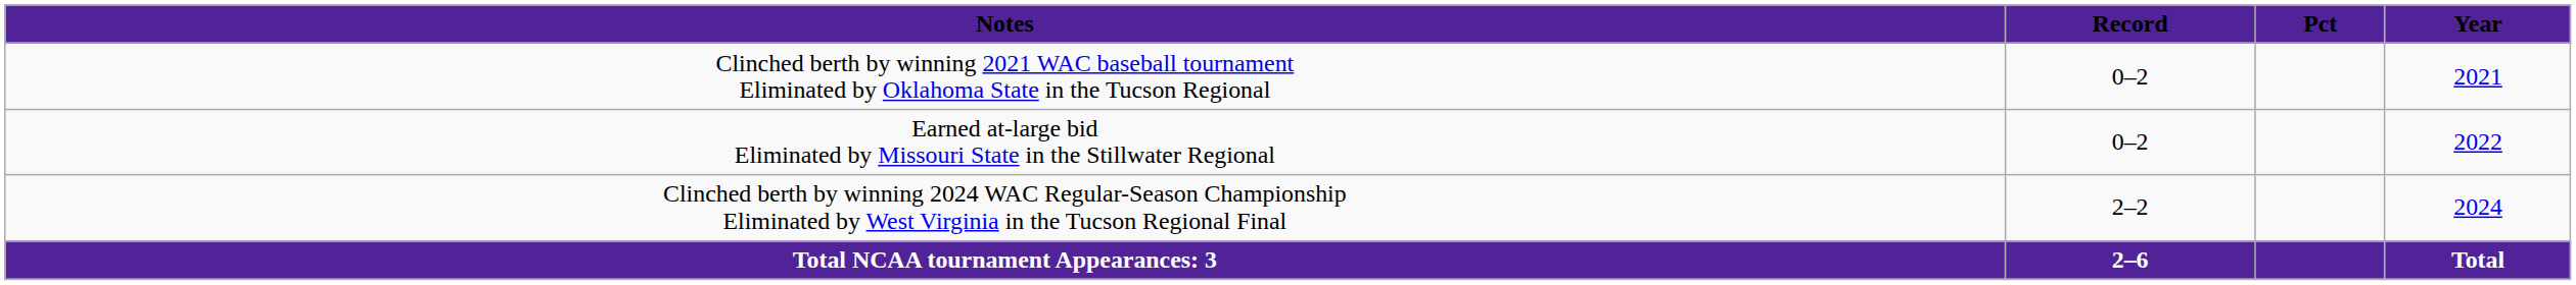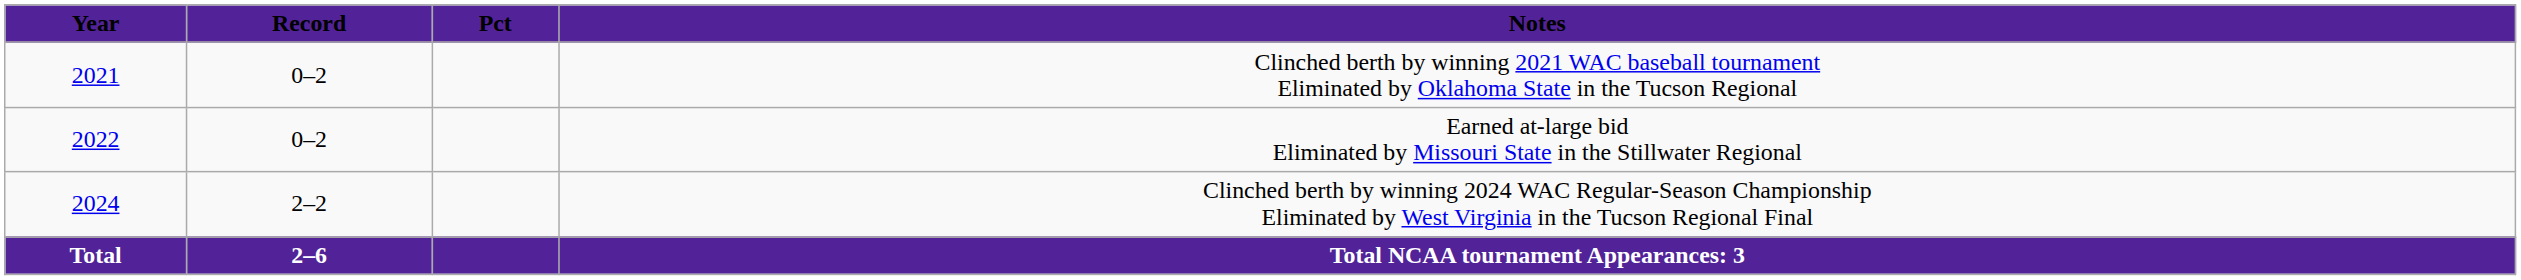 <table border="0" align="center" valign="top" cellpadding="1" width=85% class="wikitable sortable collapsible">
 <tr>
-<th style="background:#522398;" align="center"><span>Notes</span></th>
+<th style="background:#522398;" align="center"><span>Year</span></th>
 <th style="background:#522398;" align="center"><span>Record</span></th>
 <th style="background:#522398;" align="center"><span>Pct</span></th>
-<th style="background:#522398;" align="center"><span>Year</span></th>
+<th style="background:#522398;" align="center"><span>Notes</span></th>
 </tr>
 <tr - style="text-align:center;" |->
-<td>Clinched berth by winning <a href='#'>2021 WAC baseball tournament</a><br>Eliminated by <a href='#'>Oklahoma State</a> in the Tucson Regional</td>
+<td><a href='#'>2021</a></td>
 <td>0–2</td>
 <td></td>
-<td><a href='#'>2021</a></td>
+<td>Clinched berth by winning <a href='#'>2021 WAC baseball tournament</a><br>Eliminated by <a href='#'>Oklahoma State</a> in the Tucson Regional</td>
 </tr>
 <tr - style="text-align:center;" |->
-<td>Earned at-large bid<br>Eliminated by <a href='#'>Missouri State</a> in the Stillwater Regional</td>
+<td><a href='#'>2022</a></td>
 <td>0–2</td>
 <td></td>
-<td><a href='#'>2022</a></td>
+<td>Earned at-large bid<br>Eliminated by <a href='#'>Missouri State</a> in the Stillwater Regional</td>
 </tr>
 <tr - style="text-align:center;" |->
-<td>Clinched berth by winning 2024 WAC Regular-Season Championship<br>Eliminated by <a href='#'>West Virginia</a> in the Tucson Regional Final</td>
+<td><a href='#'>2024</a></td>
 <td>2–2</td>
 <td></td>
-<td><a href='#'>2024</a></td>
+<td>Clinched berth by winning 2024 WAC Regular-Season Championship<br>Eliminated by <a href='#'>West Virginia</a> in the Tucson Regional Final</td>
 </tr>
 <tr class="sortbottom" style="background:#522398; text-align:center; color:white;">
-<td><strong>Total NCAA tournament Appearances: 3</strong></td>
+<td><strong>Total</strong></td>
 <td><strong>2–6</strong></td>
 <td><strong></strong></td>
-<td><strong>Total</strong></td>
+<td><strong>Total NCAA tournament Appearances: 3</strong></td>
 </tr>
 </table>
